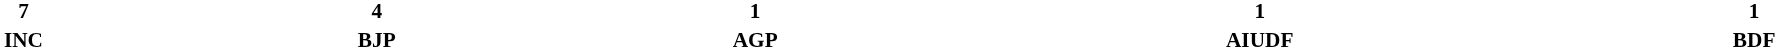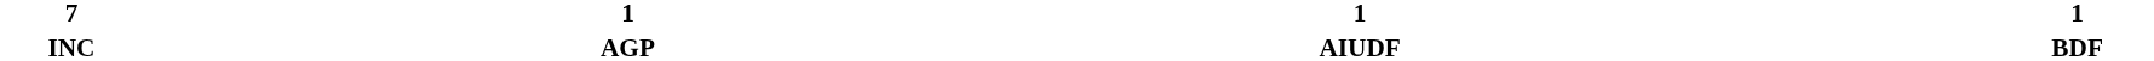 <table style="width:100%; text-align:center;">
 <tr>
 <td style="background:"><strong>7</strong></td>
-<td style="background:"><strong>4</strong></td>
 <td style="background:"><strong>1</strong></td>
 <td style="background:"><strong>1</strong></td>
 <td style="background:"><strong>1</strong></td>
 </tr>
 <tr>
 <td><span><strong>INC</strong></span></td>
-<td><span><strong>BJP</strong></span></td>
 <td><span><strong>AGP</strong></span></td>
 <td><span><strong>AIUDF</strong></span></td>
 <td><span><strong>BDF</strong></span></td>
 </tr>
 </table>
